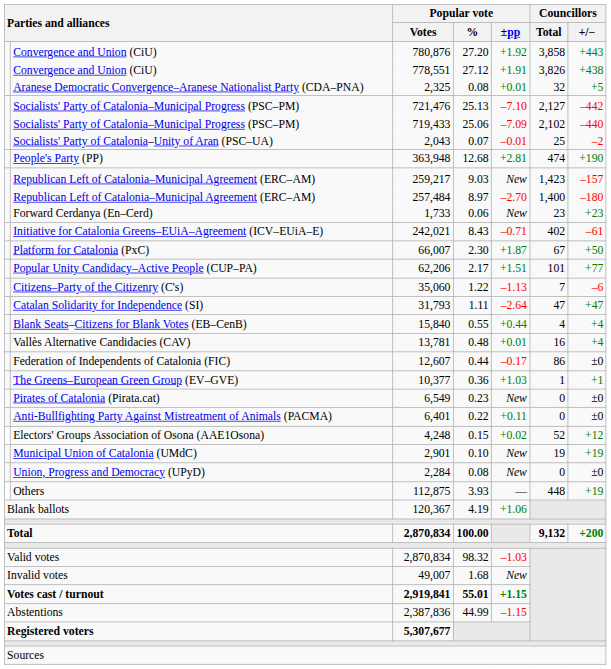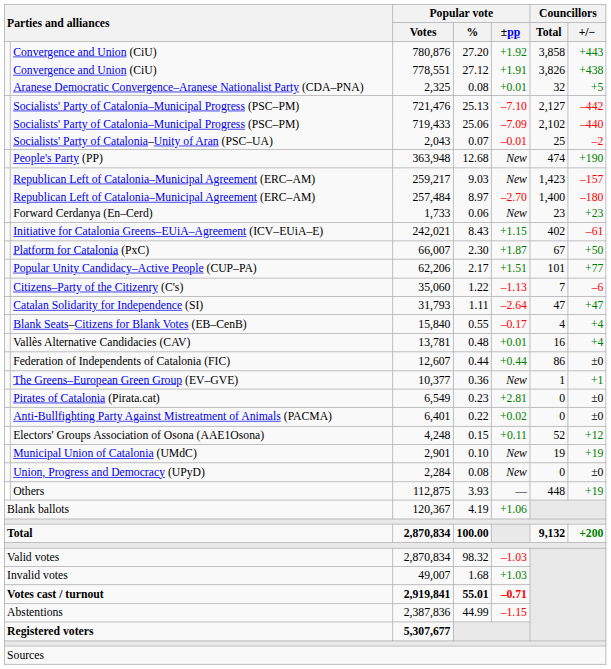 <table class="wikitable" style="text-align:right;">
 <tr>
 <th style="text-align:left;" rowspan="2" colspan="2" width="525">Parties and alliances</th>
 <th colspan="3">Popular vote</th>
 <th colspan="2">Councillors</th>
 </tr>
 <tr>
 <th width="75">Votes</th>
 <th width="45">%</th>
 <th width="45">±<a href='#'>pp</a></th>
 <th width="45">Total</th>
 <th width="45">+/−</th>
 </tr>
 <tr style="line-height:22px;">
 <td width="1" rowspan="3"></td>
 <td align="left"><a href='#'>Convergence and Union</a> (CiU)</td>
 <td>780,876</td>
 <td>27.20</td>
 <td style="color:green;">+1.92</td>
 <td>3,858</td>
 <td style="color:green;">+443</td>
 </tr>
 <tr style="border-bottom-style:hidden; border-top-style:hidden; line-height:16px;">
 <td align="left"><span><a href='#'>Convergence and Union</a> (CiU)</span></td>
 <td>778,551</td>
 <td>27.12</td>
 <td style="color:green;">+1.91</td>
 <td>3,826</td>
 <td style="color:green;">+438</td>
 </tr>
 <tr style="line-height:16px;">
 <td align="left"><span><a href='#'>Aranese Democratic Convergence–Aranese Nationalist Party</a> (CDA–PNA)</span></td>
 <td>2,325</td>
 <td>0.08</td>
 <td style="color:green;">+0.01</td>
 <td>32</td>
 <td style="color:green;">+5</td>
 </tr>
 <tr style="line-height:22px;">
 <td rowspan="3" style="color:inherit;background:"></td>
 <td align="left"><a href='#'>Socialists' Party of Catalonia–Municipal Progress</a> (PSC–PM)</td>
 <td>721,476</td>
 <td>25.13</td>
 <td style="color:red;">–7.10</td>
 <td>2,127</td>
 <td style="color:red;">–442</td>
 </tr>
 <tr style="border-bottom-style:hidden; border-top-style:hidden; line-height:16px;">
 <td align="left"><span><a href='#'>Socialists' Party of Catalonia–Municipal Progress</a> (PSC–PM)</span></td>
 <td>719,433</td>
 <td>25.06</td>
 <td style="color:red;">–7.09</td>
 <td>2,102</td>
 <td style="color:red;">–440</td>
 </tr>
 <tr style="line-height:16px;">
 <td align="left"><span><a href='#'>Socialists' Party of Catalonia</a>–<a href='#'>Unity of Aran</a> (PSC–UA)</span></td>
 <td>2,043</td>
 <td>0.07</td>
 <td style="color:red;">–0.01</td>
 <td>25</td>
 <td style="color:red;">–2</td>
 </tr>
 <tr>
 <td style="color:inherit;background:"></td>
 <td align="left"><a href='#'>People's Party</a> (PP)</td>
 <td>363,948</td>
 <td>12.68</td>
-<td style="color:green;">+2.81</td>
+<td><em>New</em></td>
 <td>474</td>
 <td style="color:green;">+190</td>
 </tr>
 <tr style="line-height:22px;">
 <td rowspan="3" style="color:inherit;background:"></td>
 <td align="left"><a href='#'>Republican Left of Catalonia–Municipal Agreement</a> (ERC–AM)</td>
 <td>259,217</td>
 <td>9.03</td>
 <td><em>New</em></td>
 <td>1,423</td>
 <td style="color:red;">–157</td>
 </tr>
 <tr style="border-bottom-style:hidden; border-top-style:hidden; line-height:16px;">
 <td align="left"><span><a href='#'>Republican Left of Catalonia–Municipal Agreement</a> (ERC–AM)</span></td>
 <td>257,484</td>
 <td>8.97</td>
 <td style="color:red;">–2.70</td>
 <td>1,400</td>
 <td style="color:red;">–180</td>
 </tr>
 <tr style="line-height:16px;">
 <td align="left"><span>Forward Cerdanya (En–Cerd)</span></td>
 <td>1,733</td>
 <td>0.06</td>
 <td><em>New</em></td>
 <td>23</td>
 <td style="color:green;">+23</td>
 </tr>
 <tr>
 <td style="color:inherit;background:"></td>
 <td align="left"><a href='#'>Initiative for Catalonia Greens–EUiA–Agreement</a> (ICV–EUiA–E)</td>
 <td>242,021</td>
 <td>8.43</td>
-<td style="color:red;">–0.71</td>
+<td style="color:green;">+1.15</td>
 <td>402</td>
 <td style="color:red;">–61</td>
 </tr>
 <tr>
 <td style="color:inherit;background:"></td>
 <td align="left"><a href='#'>Platform for Catalonia</a> (PxC)</td>
 <td>66,007</td>
 <td>2.30</td>
 <td style="color:green;">+1.87</td>
 <td>67</td>
 <td style="color:green;">+50</td>
 </tr>
 <tr>
 <td style="color:inherit;background:"></td>
 <td align="left"><a href='#'>Popular Unity Candidacy–Active People</a> (CUP–PA)</td>
 <td>62,206</td>
 <td>2.17</td>
 <td style="color:green;">+1.51</td>
 <td>101</td>
 <td style="color:green;">+77</td>
 </tr>
 <tr>
 <td style="color:inherit;background:"></td>
 <td align="left"><a href='#'>Citizens–Party of the Citizenry</a> (C's)</td>
 <td>35,060</td>
 <td>1.22</td>
 <td style="color:red;">–1.13</td>
 <td>7</td>
 <td style="color:red;">–6</td>
 </tr>
 <tr>
 <td style="color:inherit;background:"></td>
 <td align="left"><a href='#'>Catalan Solidarity for Independence</a> (SI)</td>
 <td>31,793</td>
 <td>1.11</td>
 <td style="color:red;">–2.64</td>
 <td>47</td>
 <td style="color:green;">+47</td>
 </tr>
 <tr>
 <td style="color:inherit;background:"></td>
 <td align="left"><a href='#'>Blank Seats</a>–<a href='#'>Citizens for Blank Votes</a> (EB–CenB)</td>
 <td>15,840</td>
 <td>0.55</td>
-<td style="color:green;">+0.44</td>
+<td style="color:red;">–0.17</td>
 <td>4</td>
 <td style="color:green;">+4</td>
 </tr>
 <tr>
 <td style="color:inherit;background:"></td>
 <td align="left">Vallès Alternative Candidacies (CAV)</td>
 <td>13,781</td>
 <td>0.48</td>
 <td style="color:green;">+0.01</td>
 <td>16</td>
 <td style="color:green;">+4</td>
 </tr>
 <tr>
 <td style="color:inherit;background:"></td>
 <td align="left">Federation of Independents of Catalonia (FIC)</td>
 <td>12,607</td>
 <td>0.44</td>
-<td style="color:red;">–0.17</td>
+<td style="color:green;">+0.44</td>
 <td>86</td>
 <td>±0</td>
 </tr>
 <tr>
 <td style="color:inherit;background:"></td>
 <td align="left"><a href='#'>The Greens–European Green Group</a> (EV–GVE)</td>
 <td>10,377</td>
 <td>0.36</td>
-<td style="color:green;">+1.03</td>
+<td><em>New</em></td>
 <td>1</td>
 <td style="color:green;">+1</td>
 </tr>
 <tr>
 <td style="color:inherit;background:"></td>
 <td align="left"><a href='#'>Pirates of Catalonia</a> (Pirata.cat)</td>
 <td>6,549</td>
 <td>0.23</td>
-<td><em>New</em></td>
+<td style="color:green;">+2.81</td>
 <td>0</td>
 <td>±0</td>
 </tr>
 <tr>
 <td style="color:inherit;background:"></td>
 <td align="left"><a href='#'>Anti-Bullfighting Party Against Mistreatment of Animals</a> (PACMA)</td>
 <td>6,401</td>
 <td>0.22</td>
-<td style="color:green;">+0.11</td>
+<td style="color:green;">+0.02</td>
 <td>0</td>
 <td>±0</td>
 </tr>
 <tr>
 <td bgcolor="white"></td>
 <td align="left">Electors' Groups Association of Osona (AAE1Osona)</td>
 <td>4,248</td>
 <td>0.15</td>
-<td style="color:green;">+0.02</td>
+<td style="color:green;">+0.11</td>
 <td>52</td>
 <td style="color:green;">+12</td>
 </tr>
 <tr>
 <td style="color:inherit;background:"></td>
 <td align="left"><a href='#'>Municipal Union of Catalonia</a> (UMdC)</td>
 <td>2,901</td>
 <td>0.10</td>
 <td><em>New</em></td>
 <td>19</td>
 <td style="color:green;">+19</td>
 </tr>
 <tr>
 <td style="color:inherit;background:"></td>
 <td align="left"><a href='#'>Union, Progress and Democracy</a> (UPyD)</td>
 <td>2,284</td>
 <td>0.08</td>
 <td><em>New</em></td>
 <td>0</td>
 <td>±0</td>
 </tr>
 <tr>
 <td bgcolor="white"></td>
 <td align="left">Others</td>
 <td>112,875</td>
 <td>3.93</td>
 <td>—</td>
 <td>448</td>
 <td style="color:green;">+19</td>
 </tr>
 <tr>
 <td align="left" colspan="2">Blank ballots</td>
 <td>120,367</td>
 <td>4.19</td>
 <td style="color:green;">+1.06</td>
 <td style="color:inherit;background:#E9E9E9" colspan="2"></td>
 </tr>
 <tr>
 <td colspan="7" style="color:inherit;background:#E9E9E9"></td>
 </tr>
 <tr style="font-weight:bold;">
 <td align="left" colspan="2">Total</td>
 <td>2,870,834</td>
 <td>100.00</td>
 <td bgcolor="#E9E9E9"></td>
 <td>9,132</td>
 <td style="color:green;">+200</td>
 </tr>
 <tr>
 <td colspan="7" style="color:inherit;background:#E9E9E9"></td>
 </tr>
 <tr>
 <td align="left" colspan="2">Valid votes</td>
 <td>2,870,834</td>
 <td>98.32</td>
 <td style="color:red;">–1.03</td>
 <td bgcolor="#E9E9E9" colspan="2" rowspan="5"></td>
 </tr>
 <tr>
 <td align="left" colspan="2">Invalid votes</td>
 <td>49,007</td>
 <td>1.68</td>
-<td><em>New</em></td>
+<td style="color:green;">+1.03</td>
 </tr>
 <tr style="font-weight:bold;">
 <td align="left" colspan="2">Votes cast / turnout</td>
 <td>2,919,841</td>
 <td>55.01</td>
-<td style="color:green;">+1.15</td>
+<td style="color:red;">–0.71</td>
 </tr>
 <tr>
 <td align="left" colspan="2">Abstentions</td>
 <td>2,387,836</td>
 <td>44.99</td>
 <td style="color:red;">–1.15</td>
 </tr>
 <tr style="font-weight:bold;">
 <td align="left" colspan="2">Registered voters</td>
 <td>5,307,677</td>
 <td bgcolor="#E9E9E9" colspan="2"></td>
 </tr>
 <tr>
 <td colspan="7" style="color:inherit;background:#E9E9E9"></td>
 </tr>
 <tr>
 <td align="left" colspan="7">Sources</td>
 </tr>
 </table>
